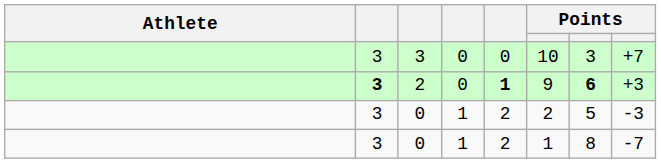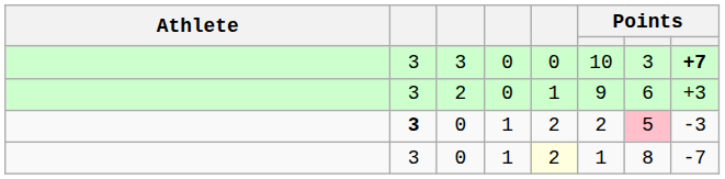 <table class="wikitable" style="text-align: center; font-size:100% ">
 <tr>
 <th rowspan=2 width=250>Athlete</th>
 <th rowspan=2 width=25></th>
 <th rowspan=2 width=25></th>
 <th rowspan=2 width=25></th>
 <th rowspan=2 width=25></th>
 <th colspan=3>Points</th>
 </tr>
 <tr>
 <th width=25></th>
 <th width=25></th>
 <th width=25></th>
 </tr>
 <tr bgcolor="ccffcc">
 <td align=left></td>
 <td>3</td>
 <td>3</td>
 <td>0</td>
 <td>0</td>
 <td>10</td>
 <td>3</td>
-<td>+7</td>
+<td><strong>+7</strong></td>
 </tr>
 <tr bgcolor="ccffcc">
 <td align=left></td>
-<td><strong>3</strong></td>
+<td>3</td>
 <td>2</td>
 <td>0</td>
-<td><strong>1</strong></td>
+<td>1</td>
 <td>9</td>
-<td><strong>6</strong></td>
+<td>6</td>
 <td>+3</td>
 </tr>
 <tr>
 <td align=left></td>
-<td>3</td>
+<td><strong>3</strong></td>
 <td>0</td>
 <td>1</td>
 <td>2</td>
 <td>2</td>
-<td>5</td>
+<td style="background: pink;">5</td>
 <td>-3</td>
 </tr>
 <tr>
 <td align=left></td>
 <td>3</td>
 <td>0</td>
 <td>1</td>
-<td>2</td>
+<td style="background: lightyellow;">2</td>
 <td>1</td>
 <td>8</td>
 <td>-7</td>
 </tr>
 </table>
